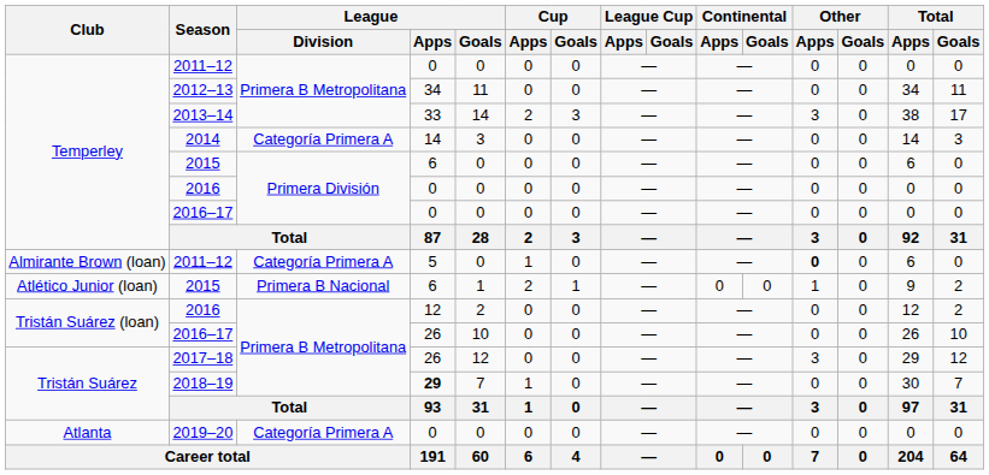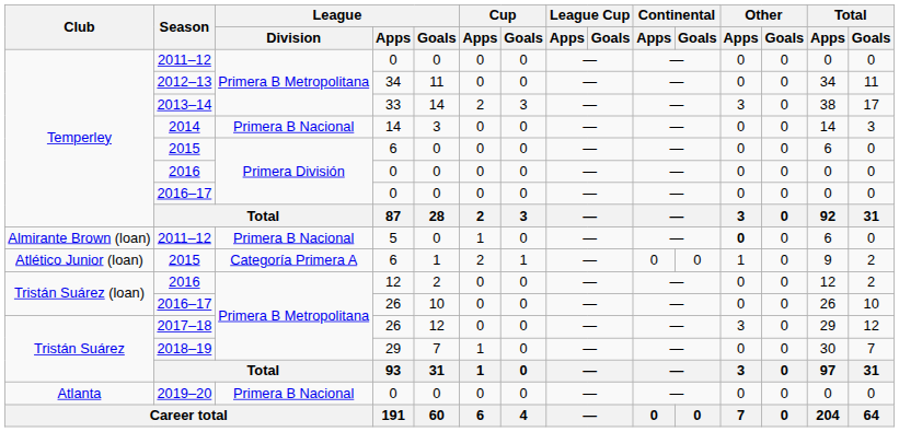 <table class="wikitable" style="text-align:center">
 <tr>
 <th rowspan="2">Club</th>
 <th rowspan="2">Season</th>
 <th colspan="3">League</th>
 <th colspan="2">Cup</th>
 <th colspan="2">League Cup</th>
 <th colspan="2">Continental</th>
 <th colspan="2">Other</th>
 <th colspan="2">Total</th>
 </tr>
 <tr>
 <th>Division</th>
 <th>Apps</th>
 <th>Goals</th>
 <th>Apps</th>
 <th>Goals</th>
 <th>Apps</th>
 <th>Goals</th>
 <th>Apps</th>
 <th>Goals</th>
 <th>Apps</th>
 <th>Goals</th>
 <th>Apps</th>
 <th>Goals</th>
 </tr>
 <tr>
 <td rowspan="8"><a href='#'>Temperley</a></td>
 <td><a href='#'>2011–12</a></td>
 <td rowspan="3"><a href='#'>Primera B Metropolitana</a></td>
 <td>0</td>
 <td>0</td>
 <td>0</td>
 <td>0</td>
 <td colspan="2">—</td>
 <td colspan="2">—</td>
 <td>0</td>
 <td>0</td>
 <td>0</td>
 <td>0</td>
 </tr>
 <tr>
 <td><a href='#'>2012–13</a></td>
 <td>34</td>
 <td>11</td>
 <td>0</td>
 <td>0</td>
 <td colspan="2">—</td>
 <td colspan="2">—</td>
 <td>0</td>
 <td>0</td>
 <td>34</td>
 <td>11</td>
 </tr>
 <tr>
 <td><a href='#'>2013–14</a></td>
 <td>33</td>
 <td>14</td>
 <td>2</td>
 <td>3</td>
 <td colspan="2">—</td>
 <td colspan="2">—</td>
 <td>3</td>
 <td>0</td>
 <td>38</td>
 <td>17</td>
 </tr>
 <tr>
 <td><a href='#'>2014</a></td>
-<td rowspan="1"><a href='#'>Categoría Primera A</a></td>
+<td rowspan="1"><a href='#'>Primera B Nacional</a></td>
 <td>14</td>
 <td>3</td>
 <td>0</td>
 <td>0</td>
 <td colspan="2">—</td>
 <td colspan="2">—</td>
 <td>0</td>
 <td>0</td>
 <td>14</td>
 <td>3</td>
 </tr>
 <tr>
 <td><a href='#'>2015</a></td>
 <td rowspan="3"><a href='#'>Primera División</a></td>
 <td>6</td>
 <td>0</td>
 <td>0</td>
 <td>0</td>
 <td colspan="2">—</td>
 <td colspan="2">—</td>
 <td>0</td>
 <td>0</td>
 <td>6</td>
 <td>0</td>
 </tr>
 <tr>
 <td><a href='#'>2016</a></td>
 <td>0</td>
 <td>0</td>
 <td>0</td>
 <td>0</td>
 <td colspan="2">—</td>
 <td colspan="2">—</td>
 <td>0</td>
 <td>0</td>
 <td>0</td>
 <td>0</td>
 </tr>
 <tr>
 <td><a href='#'>2016–17</a></td>
 <td>0</td>
 <td>0</td>
 <td>0</td>
 <td>0</td>
 <td colspan="2">—</td>
 <td colspan="2">—</td>
 <td>0</td>
 <td>0</td>
 <td>0</td>
 <td>0</td>
 </tr>
 <tr>
 <th colspan="2">Total</th>
 <th>87</th>
 <th>28</th>
 <th>2</th>
 <th>3</th>
 <th colspan="2">—</th>
 <th colspan="2">—</th>
 <th>3</th>
 <th>0</th>
 <th>92</th>
 <th>31</th>
 </tr>
 <tr>
 <td rowspan="1"><a href='#'>Almirante Brown</a> (loan)</td>
 <td><a href='#'>2011–12</a></td>
-<td rowspan="1"><a href='#'>Categoría Primera A</a></td>
+<td rowspan="1"><a href='#'>Primera B Nacional</a></td>
 <td>5</td>
 <td>0</td>
 <td>1</td>
 <td>0</td>
 <td colspan="2">—</td>
 <td colspan="2">—</td>
 <td><strong>0</strong></td>
 <td>0</td>
 <td>6</td>
 <td>0</td>
 </tr>
 <tr>
 <td rowspan="1"><a href='#'>Atlético Junior</a> (loan)</td>
 <td><a href='#'>2015</a></td>
-<td rowspan="1"><a href='#'>Primera B Nacional</a></td>
+<td rowspan="1"><a href='#'>Categoría Primera A</a></td>
 <td>6</td>
 <td>1</td>
 <td>2</td>
 <td>1</td>
 <td colspan="2">—</td>
 <td>0</td>
 <td>0</td>
 <td>1</td>
 <td>0</td>
 <td>9</td>
 <td>2</td>
 </tr>
 <tr>
 <td rowspan="2"><a href='#'>Tristán Suárez</a> (loan)</td>
 <td><a href='#'>2016</a></td>
 <td rowspan="4"><a href='#'>Primera B Metropolitana</a></td>
 <td>12</td>
 <td>2</td>
 <td>0</td>
 <td>0</td>
 <td colspan="2">—</td>
 <td colspan="2">—</td>
 <td>0</td>
 <td>0</td>
 <td>12</td>
 <td>2</td>
 </tr>
 <tr>
 <td><a href='#'>2016–17</a></td>
 <td>26</td>
 <td>10</td>
 <td>0</td>
 <td>0</td>
 <td colspan="2">—</td>
 <td colspan="2">—</td>
 <td>0</td>
 <td>0</td>
 <td>26</td>
 <td>10</td>
 </tr>
 <tr>
 <td rowspan="3"><a href='#'>Tristán Suárez</a></td>
 <td><a href='#'>2017–18</a></td>
 <td>26</td>
 <td>12</td>
 <td>0</td>
 <td>0</td>
 <td colspan="2">—</td>
 <td colspan="2">—</td>
 <td>3</td>
 <td>0</td>
 <td>29</td>
 <td>12</td>
 </tr>
 <tr>
 <td><a href='#'>2018–19</a></td>
-<td><strong>29</strong></td>
+<td>29</td>
 <td>7</td>
 <td>1</td>
 <td>0</td>
 <td colspan="2">—</td>
 <td colspan="2">—</td>
 <td>0</td>
 <td>0</td>
 <td>30</td>
 <td>7</td>
 </tr>
 <tr>
 <th colspan="2">Total</th>
 <th>93</th>
 <th>31</th>
 <th>1</th>
 <th>0</th>
 <th colspan="2">—</th>
 <th colspan="2">—</th>
 <th>3</th>
 <th>0</th>
 <th>97</th>
 <th>31</th>
 </tr>
 <tr>
 <td rowspan="1"><a href='#'>Atlanta</a></td>
 <td><a href='#'>2019–20</a></td>
-<td rowspan="1"><a href='#'>Categoría Primera A</a></td>
+<td rowspan="1"><a href='#'>Primera B Nacional</a></td>
 <td>0</td>
 <td>0</td>
 <td>0</td>
 <td>0</td>
 <td colspan="2">—</td>
 <td colspan="2">—</td>
 <td>0</td>
 <td>0</td>
 <td>0</td>
 <td>0</td>
 </tr>
 <tr>
 <th colspan="3">Career total</th>
 <th>191</th>
 <th>60</th>
 <th>6</th>
 <th>4</th>
 <th colspan="2">—</th>
 <th>0</th>
 <th>0</th>
 <th>7</th>
 <th>0</th>
 <th>204</th>
 <th>64</th>
 </tr>
 </table>
